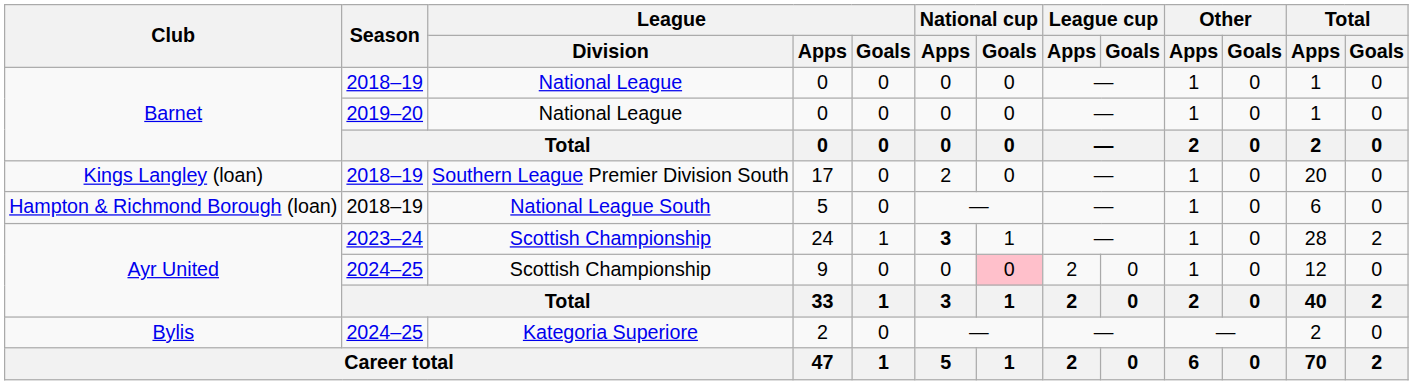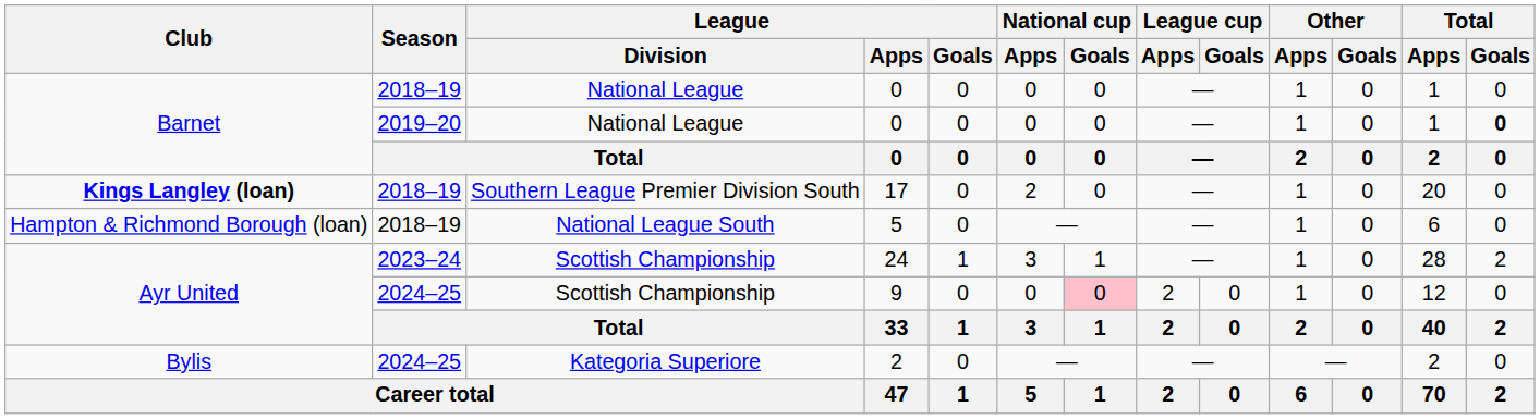 <table class="wikitable" style="text-align: center">
 <tr>
 <th rowspan="2">Club</th>
 <th rowspan="2">Season</th>
 <th colspan="3">League</th>
 <th colspan="2">National cup</th>
 <th colspan="2">League cup</th>
 <th colspan="2">Other</th>
 <th colspan="2">Total</th>
 </tr>
 <tr>
 <th>Division</th>
 <th>Apps</th>
 <th>Goals</th>
 <th>Apps</th>
 <th>Goals</th>
 <th>Apps</th>
 <th>Goals</th>
 <th>Apps</th>
 <th>Goals</th>
 <th>Apps</th>
 <th>Goals</th>
 </tr>
 <tr>
 <td rowspan="3"><a href='#'>Barnet</a></td>
 <td><a href='#'>2018–19</a></td>
 <td><a href='#'>National League</a></td>
 <td>0</td>
 <td>0</td>
 <td>0</td>
 <td>0</td>
 <td colspan="2">―</td>
 <td>1</td>
 <td>0</td>
 <td>1</td>
 <td>0</td>
 </tr>
 <tr>
 <td><a href='#'>2019–20</a></td>
 <td>National League</td>
 <td>0</td>
 <td>0</td>
 <td>0</td>
 <td>0</td>
 <td colspan="2">―</td>
 <td>1</td>
 <td>0</td>
 <td>1</td>
-<td>0</td>
+<td><strong>0</strong></td>
 </tr>
 <tr>
 <th colspan="2">Total</th>
 <th>0</th>
 <th>0</th>
 <th>0</th>
 <th>0</th>
 <th colspan="2">―</th>
 <th>2</th>
 <th>0</th>
 <th>2</th>
 <th>0</th>
 </tr>
 <tr>
-<td><a href='#'>Kings Langley</a> (loan)</td>
+<td><strong><a href='#'>Kings Langley</a> (loan)</strong></td>
 <td><a href='#'>2018–19</a></td>
 <td><a href='#'>Southern League</a> Premier Division South</td>
 <td>17</td>
 <td>0</td>
 <td>2</td>
 <td>0</td>
 <td colspan="2">―</td>
 <td>1</td>
 <td>0</td>
 <td>20</td>
 <td>0</td>
 </tr>
 <tr>
 <td><a href='#'>Hampton & Richmond Borough</a> (loan)</td>
 <td>2018–19</td>
 <td><a href='#'>National League South</a></td>
 <td>5</td>
 <td>0</td>
 <td colspan="2">―</td>
 <td colspan="2">―</td>
 <td>1</td>
 <td>0</td>
 <td>6</td>
 <td>0</td>
 </tr>
 <tr>
 <td rowspan="3"><a href='#'>Ayr United</a></td>
 <td><a href='#'>2023–24</a></td>
 <td><a href='#'>Scottish Championship</a></td>
 <td>24</td>
 <td>1</td>
-<td><strong>3</strong></td>
+<td>3</td>
 <td>1</td>
 <td colspan="2">―</td>
 <td>1</td>
 <td>0</td>
 <td>28</td>
 <td>2</td>
 </tr>
 <tr>
 <td><a href='#'>2024–25</a></td>
 <td>Scottish Championship</td>
 <td>9</td>
 <td>0</td>
 <td>0</td>
 <td style="background: pink;">0</td>
 <td>2</td>
 <td>0</td>
 <td>1</td>
 <td>0</td>
 <td>12</td>
 <td>0</td>
 </tr>
 <tr>
 <th colspan="2">Total</th>
 <th>33</th>
 <th>1</th>
 <th>3</th>
 <th>1</th>
 <th>2</th>
 <th>0</th>
 <th>2</th>
 <th>0</th>
 <th>40</th>
 <th>2</th>
 </tr>
 <tr>
 <td><a href='#'>Bylis</a></td>
 <td><a href='#'>2024–25</a></td>
 <td><a href='#'>Kategoria Superiore</a></td>
 <td>2</td>
 <td>0</td>
 <td colspan="2">―</td>
 <td colspan="2">―</td>
 <td colspan="2">―</td>
 <td>2</td>
 <td>0</td>
 </tr>
 <tr>
 <th colspan="3">Career total</th>
 <th>47</th>
 <th>1</th>
 <th>5</th>
 <th>1</th>
 <th>2</th>
 <th>0</th>
 <th>6</th>
 <th>0</th>
 <th>70</th>
 <th>2</th>
 </tr>
 </table>
